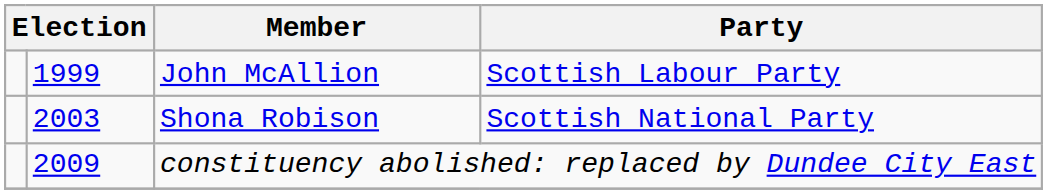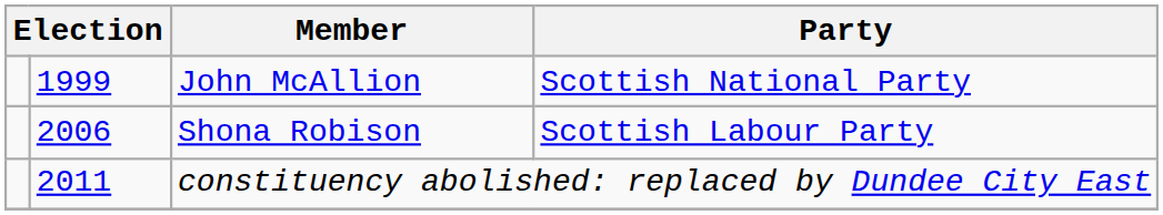 <table class="wikitable">
 <tr>
 <th colspan="2">Election</th>
 <th>Member</th>
 <th>Party</th>
 </tr>
 <tr>
 <td style="background-color: "></td>
 <td><a href='#'>1999</a></td>
 <td><a href='#'>John McAllion</a></td>
+<td><a href='#'>Scottish National Party</a></td>
+</tr>
+<tr>
+<td style="background-color: "></td>
+<td><a href='#'>2006</a></td>
+<td><a href='#'>Shona Robison</a></td>
 <td><a href='#'>Scottish Labour Party</a></td>
 </tr>
 <tr>
-<td style="background-color: "></td>
-<td><a href='#'>2003</a></td>
-<td><a href='#'>Shona Robison</a></td>
-<td><a href='#'>Scottish National Party</a></td>
-</tr>
-<tr>
 <td style="background-color:"></td>
-<td><a href='#'>2009</a></td>
+<td><a href='#'>2011</a></td>
 <td colspan="3"><em>constituency abolished: replaced by <a href='#'>Dundee City East</a></em></td>
 </tr>
 <tr>
 </tr>
 </table>
